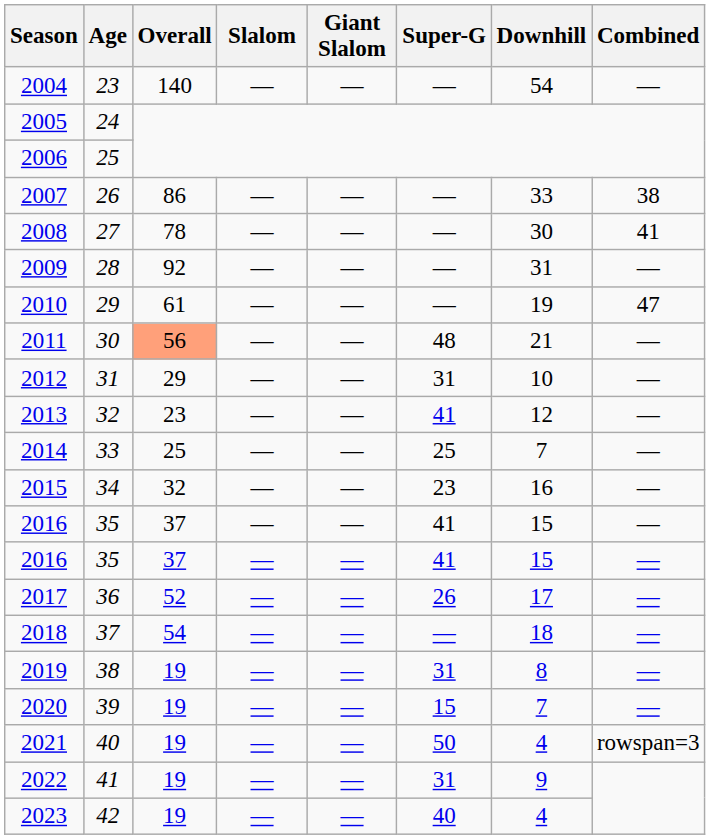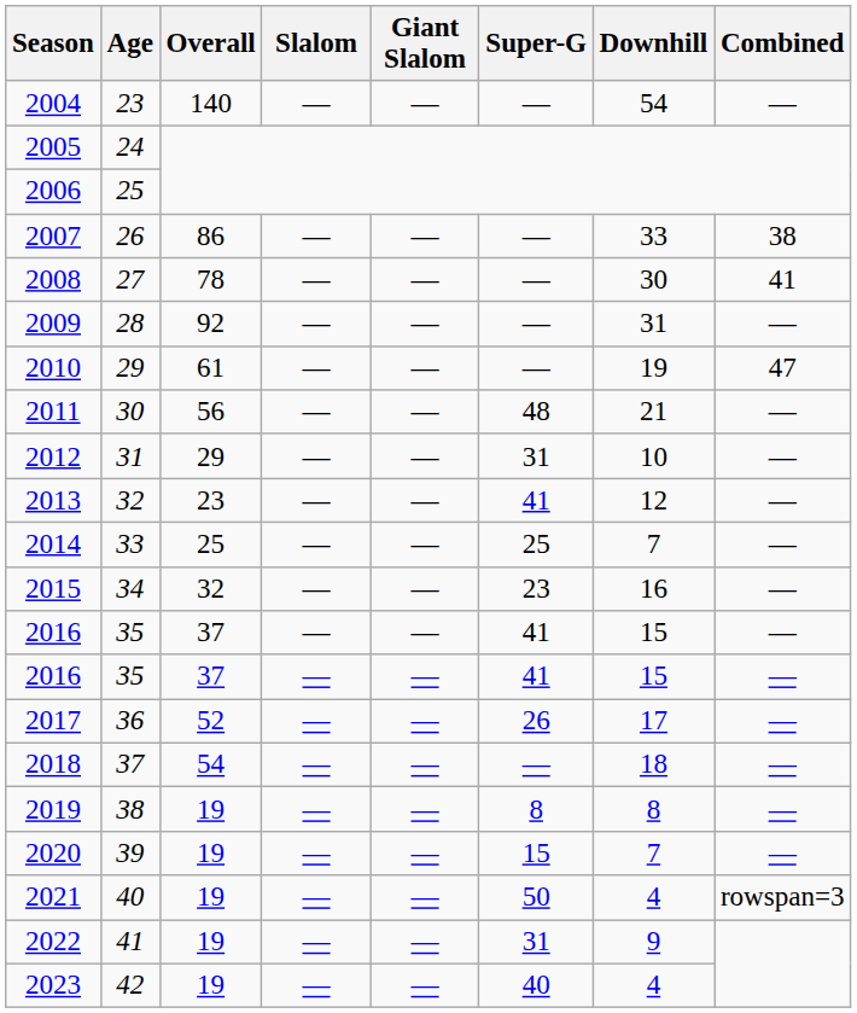 <table class="wikitable" style="text-align:center; font-size:100%;">
 <tr>
 <th>Season</th>
 <th>Age</th>
 <th>Overall</th>
 <th> Slalom </th>
 <th>Giant<br> Slalom </th>
 <th>Super-G</th>
 <th>Downhill</th>
 <th>Combined</th>
 </tr>
 <tr>
 <td><a href='#'>2004</a></td>
 <td><em>23</em></td>
 <td>140</td>
 <td>—</td>
 <td>—</td>
 <td>—</td>
 <td>54</td>
 <td>—</td>
 </tr>
 <tr>
 <td><a href='#'>2005</a></td>
 <td><em>24</em></td>
 <td colspan=6 rowspan=2></td>
 </tr>
 <tr>
 <td><a href='#'>2006</a></td>
 <td><em>25</em></td>
 </tr>
 <tr>
 <td><a href='#'>2007</a></td>
 <td><em>26</em></td>
 <td>86</td>
 <td>—</td>
 <td>—</td>
 <td>—</td>
 <td>33</td>
 <td>38</td>
 </tr>
 <tr>
 <td><a href='#'>2008</a></td>
 <td><em>27</em></td>
 <td>78</td>
 <td>—</td>
 <td>—</td>
 <td>—</td>
 <td>30</td>
 <td>41</td>
 </tr>
 <tr>
 <td><a href='#'>2009</a></td>
 <td><em>28</em></td>
 <td>92</td>
 <td>—</td>
 <td>—</td>
 <td>—</td>
 <td>31</td>
 <td>—</td>
 </tr>
 <tr>
 <td><a href='#'>2010</a></td>
 <td><em>29</em></td>
 <td>61</td>
 <td>—</td>
 <td>—</td>
 <td>—</td>
 <td>19</td>
 <td>47</td>
 </tr>
 <tr>
 <td><a href='#'>2011</a></td>
 <td><em>30</em></td>
-<td style="background: lightsalmon;">56</td>
+<td>56</td>
 <td>—</td>
 <td>—</td>
 <td>48</td>
 <td>21</td>
 <td>—</td>
 </tr>
 <tr>
 <td><a href='#'>2012</a></td>
 <td><em>31</em></td>
 <td>29</td>
 <td>—</td>
 <td>—</td>
 <td>31</td>
 <td>10</td>
 <td>—</td>
 </tr>
 <tr>
 <td><a href='#'>2013</a></td>
 <td><em>32</em></td>
 <td>23</td>
 <td>—</td>
 <td>—</td>
 <td><a href='#'>41</a></td>
 <td>12</td>
 <td>—</td>
 </tr>
 <tr>
 <td><a href='#'>2014</a></td>
 <td><em>33</em></td>
 <td>25</td>
 <td>—</td>
 <td>—</td>
 <td>25</td>
 <td>7</td>
 <td>—</td>
 </tr>
 <tr>
 <td><a href='#'>2015</a></td>
 <td><em>34</em></td>
 <td>32</td>
 <td>—</td>
 <td>—</td>
 <td>23</td>
 <td>16</td>
 <td>—</td>
 </tr>
 <tr>
 <td><a href='#'>2016</a></td>
 <td><em>35</em></td>
 <td>37</td>
 <td>—</td>
 <td>—</td>
 <td>41</td>
 <td>15</td>
 <td>—</td>
 </tr>
 <tr>
 <td><a href='#'>2016</a></td>
 <td><em>35</em></td>
 <td><a href='#'>37</a></td>
 <td><a href='#'>—</a></td>
 <td><a href='#'>—</a></td>
 <td><a href='#'>41</a></td>
 <td><a href='#'>15</a></td>
 <td><a href='#'>—</a></td>
 </tr>
 <tr>
 <td><a href='#'>2017</a></td>
 <td><em>36</em></td>
 <td><a href='#'>52</a></td>
 <td><a href='#'>—</a></td>
 <td><a href='#'>—</a></td>
 <td><a href='#'>26</a></td>
 <td><a href='#'>17</a></td>
 <td><a href='#'>—</a></td>
 </tr>
 <tr>
 <td><a href='#'>2018</a></td>
 <td><em>37</em></td>
 <td><a href='#'>54</a></td>
 <td><a href='#'>—</a></td>
 <td><a href='#'>—</a></td>
 <td><a href='#'>—</a></td>
 <td><a href='#'>18</a></td>
 <td><a href='#'>—</a></td>
 </tr>
 <tr>
 <td><a href='#'>2019</a></td>
 <td><em>38</em></td>
 <td><a href='#'>19</a></td>
 <td><a href='#'>—</a></td>
 <td><a href='#'>—</a></td>
-<td><a href='#'>31</a></td>
+<td><a href='#'>8</a></td>
 <td><a href='#'>8</a></td>
 <td><a href='#'>—</a></td>
 </tr>
 <tr>
 <td><a href='#'>2020</a></td>
 <td><em>39</em></td>
 <td><a href='#'>19</a></td>
 <td><a href='#'>—</a></td>
 <td><a href='#'>—</a></td>
 <td><a href='#'>15</a></td>
 <td><a href='#'>7</a></td>
 <td><a href='#'>—</a></td>
 </tr>
 <tr>
 <td><a href='#'>2021</a></td>
 <td><em>40</em></td>
 <td><a href='#'>19</a></td>
 <td><a href='#'>—</a></td>
 <td><a href='#'>—</a></td>
 <td><a href='#'>50</a></td>
 <td><a href='#'>4</a></td>
 <td>rowspan=3 </td>
 </tr>
 <tr>
 <td><a href='#'>2022</a></td>
 <td><em>41</em></td>
 <td><a href='#'>19</a></td>
 <td><a href='#'>—</a></td>
 <td><a href='#'>—</a></td>
 <td><a href='#'>31</a></td>
 <td><a href='#'>9</a></td>
 </tr>
 <tr>
 <td><a href='#'>2023</a></td>
 <td><em>42</em></td>
 <td><a href='#'>19</a></td>
 <td><a href='#'>—</a></td>
 <td><a href='#'>—</a></td>
 <td><a href='#'>40</a></td>
 <td><a href='#'>4</a></td>
 </tr>
 </table>
